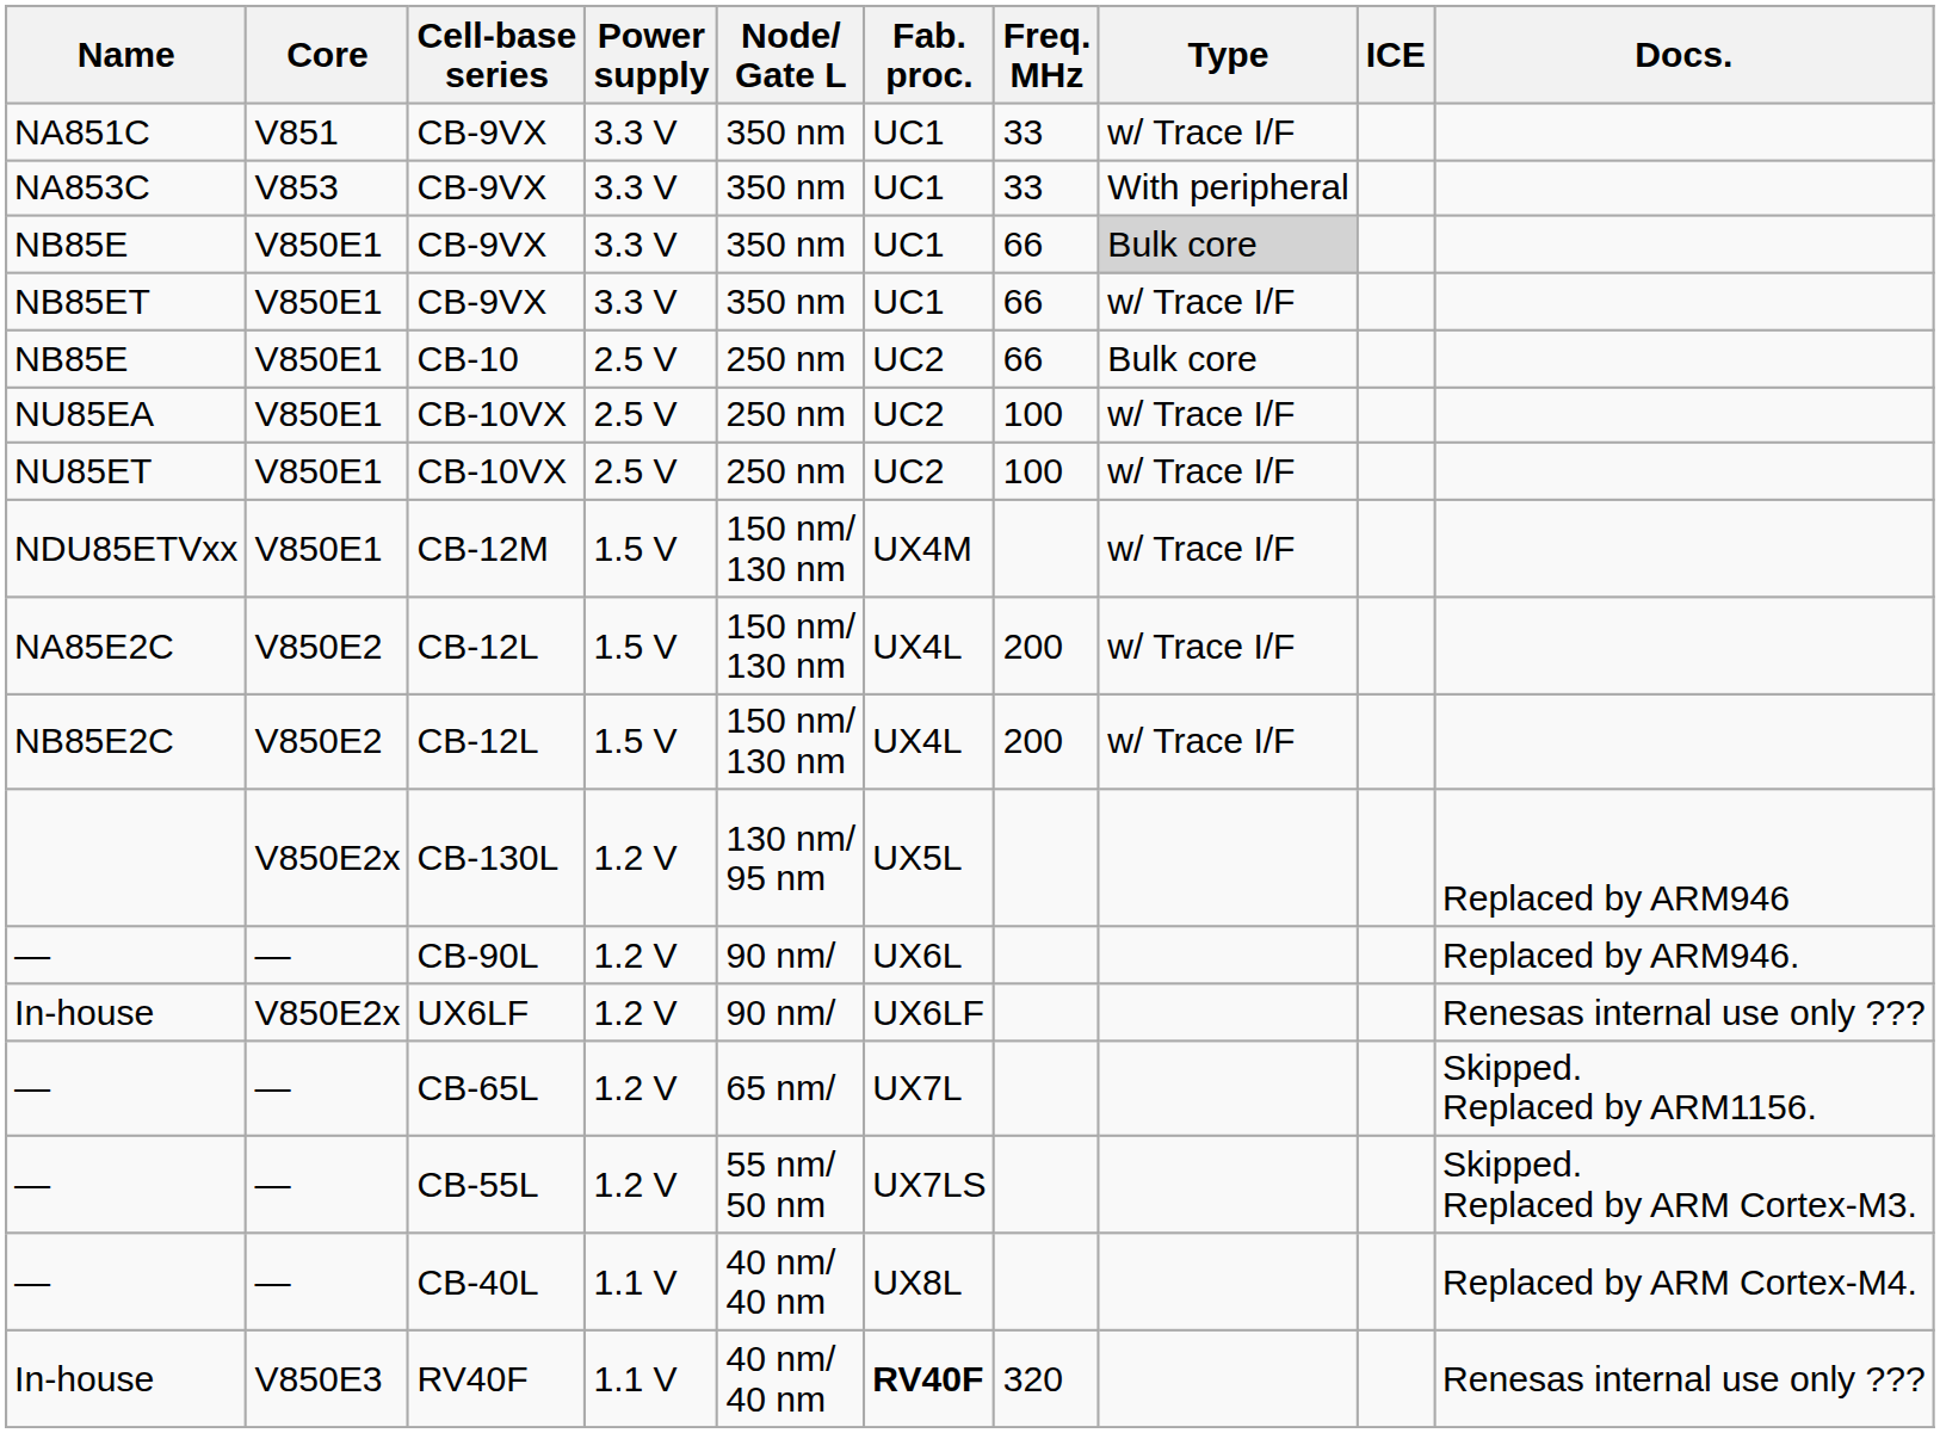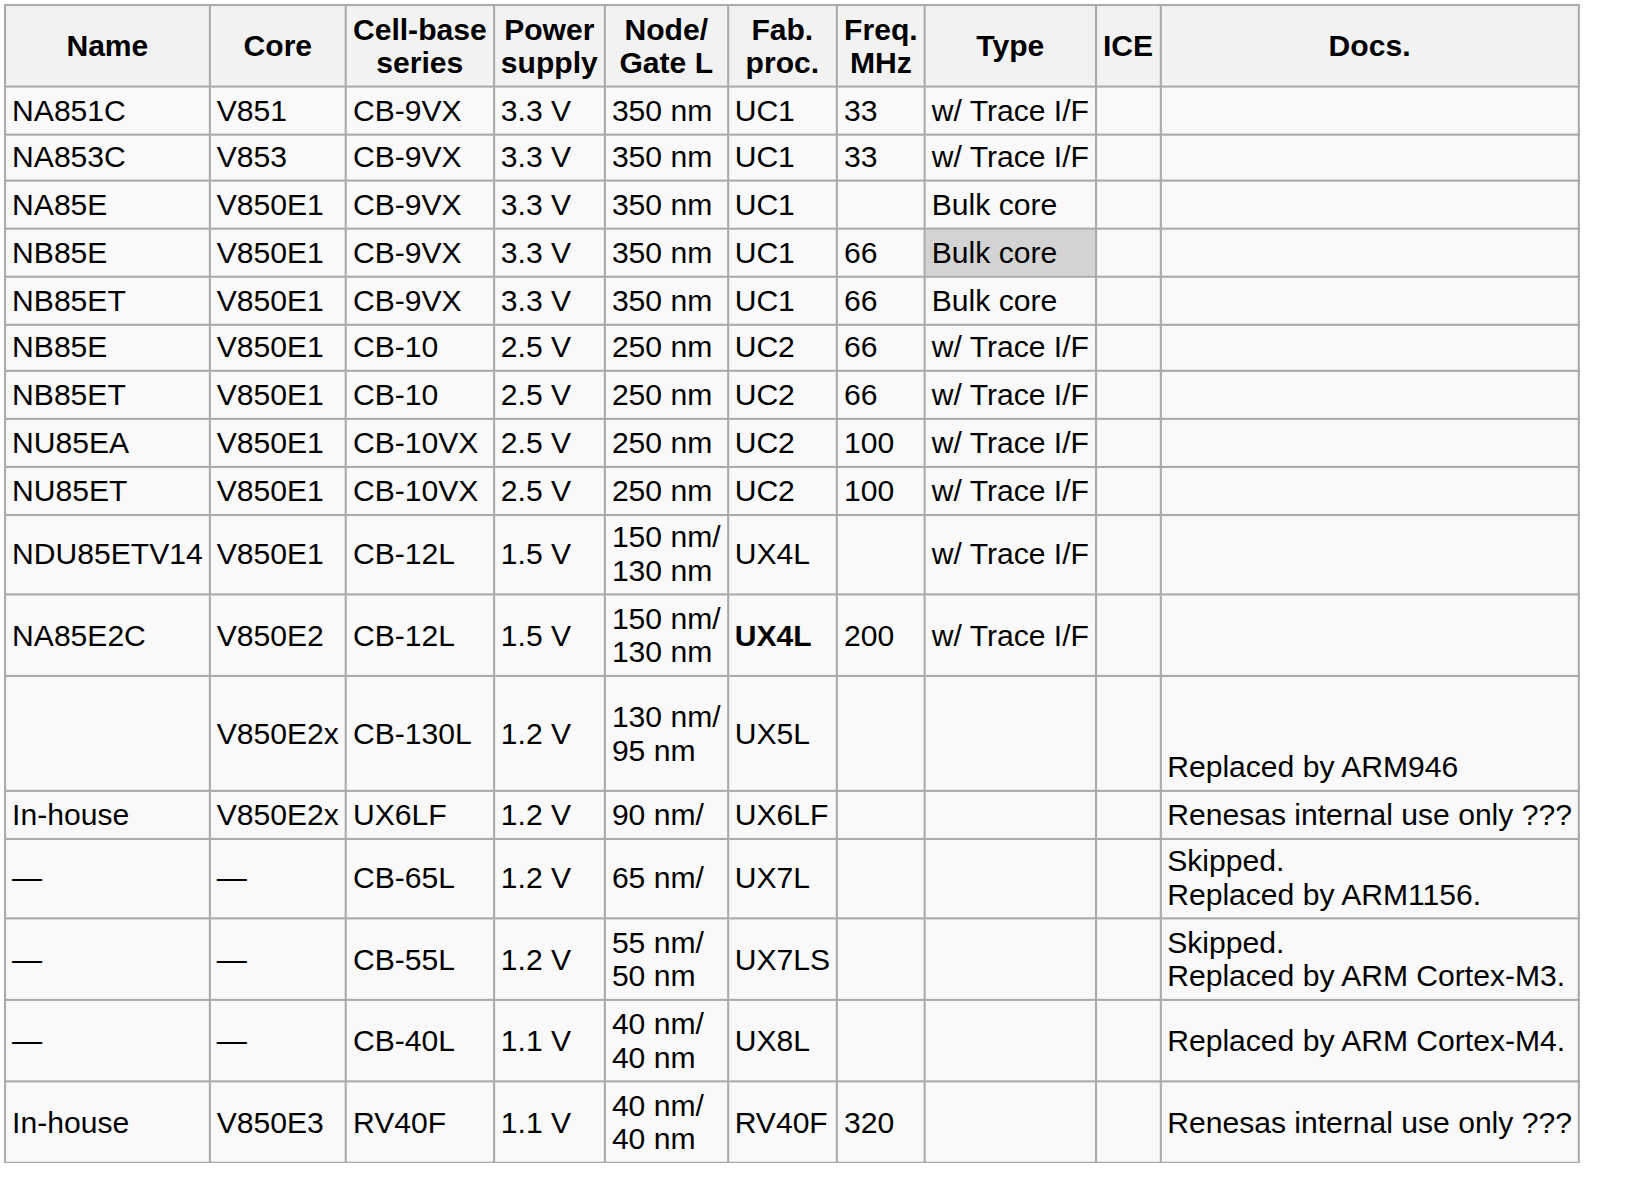 <table class="wikitable" style="text-align: left;font-size: 90%">
 <tr>
 <th>Name</th>
 <th>Core</th>
 <th>Cell-base<br>series</th>
 <th>Power<br>supply</th>
 <th>Node/<br>Gate L</th>
 <th>Fab.<br>proc.<br></th>
 <th>Freq.<br>MHz</th>
 <th>Type</th>
 <th>ICE</th>
 <th>Docs.</th>
 </tr>
 <tr>
 <td>NA851C</td>
 <td>V851</td>
 <td>CB-9VX</td>
 <td>3.3 V</td>
 <td>350 nm</td>
 <td>UC1</td>
 <td>33</td>
 <td>w/ Trace I/F</td>
 <td></td>
 <td></td>
 </tr>
 <tr>
 <td>NA853C</td>
 <td>V853</td>
 <td>CB-9VX</td>
 <td>3.3 V</td>
 <td>350 nm</td>
 <td>UC1</td>
 <td>33</td>
-<td>With peripheral</td>
+<td>w/ Trace I/F</td>
+<td></td>
+<td></td>
+</tr>
+<tr>
+<td>NA85E</td>
+<td>V850E1</td>
+<td>CB-9VX</td>
+<td>3.3 V</td>
+<td>350 nm</td>
+<td>UC1</td>
+<td></td>
+<td>Bulk core</td>
 <td></td>
 <td></td>
 </tr>
 <tr>
 <td>NB85E</td>
 <td>V850E1</td>
 <td>CB-9VX</td>
 <td>3.3 V</td>
 <td>350 nm</td>
 <td>UC1</td>
 <td>66</td>
 <td style="background: lightgrey;">Bulk core</td>
 <td></td>
 <td></td>
 </tr>
 <tr>
 <td>NB85ET</td>
 <td>V850E1</td>
 <td>CB-9VX</td>
 <td>3.3 V</td>
 <td>350 nm</td>
 <td>UC1</td>
 <td>66</td>
-<td>w/ Trace I/F</td>
+<td>Bulk core</td>
 <td></td>
 <td></td>
 </tr>
 <tr>
 <td>NB85E</td>
 <td>V850E1</td>
 <td>CB-10</td>
 <td>2.5 V</td>
 <td>250 nm</td>
 <td>UC2</td>
 <td>66</td>
-<td>Bulk core</td>
+<td>w/ Trace I/F</td>
+<td></td>
+<td></td>
+</tr>
+<tr>
+<td>NB85ET</td>
+<td>V850E1</td>
+<td>CB-10</td>
+<td>2.5 V</td>
+<td>250 nm</td>
+<td>UC2</td>
+<td>66</td>
+<td>w/ Trace I/F</td>
 <td></td>
 <td></td>
 </tr>
 <tr>
 <td>NU85EA</td>
 <td>V850E1</td>
 <td>CB-10VX</td>
 <td>2.5 V</td>
 <td>250 nm</td>
 <td>UC2</td>
 <td>100</td>
 <td>w/ Trace I/F</td>
 <td></td>
 <td></td>
 </tr>
 <tr>
 <td>NU85ET</td>
 <td>V850E1</td>
 <td>CB-10VX</td>
 <td>2.5 V</td>
 <td>250 nm</td>
 <td>UC2</td>
 <td>100</td>
 <td>w/ Trace I/F</td>
 <td></td>
 <td></td>
 </tr>
 <tr>
-<td>NDU85ETVxx</td>
+<td>NDU85ETV14</td>
 <td>V850E1</td>
-<td>CB-12M</td>
+<td>CB-12L</td>
 <td>1.5 V</td>
 <td>150 nm/<br>130 nm</td>
-<td>UX4M</td>
+<td>UX4L</td>
 <td></td>
 <td>w/ Trace I/F</td>
 <td></td>
 <td></td>
 </tr>
 <tr>
 <td>NA85E2C</td>
 <td>V850E2</td>
 <td>CB-12L</td>
 <td>1.5 V</td>
 <td>150 nm/<br>130 nm</td>
-<td>UX4L</td>
-<td>200</td>
-<td>w/ Trace I/F</td>
-<td></td>
-<td></td>
-</tr>
-<tr>
-<td>NB85E2C</td>
-<td>V850E2</td>
-<td>CB-12L</td>
-<td>1.5 V</td>
-<td>150 nm/<br>130 nm</td>
-<td>UX4L</td>
+<td><strong>UX4L</strong></td>
 <td>200</td>
 <td>w/ Trace I/F</td>
 <td></td>
 <td></td>
 </tr>
 <tr>
 <td></td>
 <td>V850E2x</td>
 <td>CB-130L</td>
 <td>1.2 V</td>
 <td>130 nm/<br>95 nm</td>
 <td>UX5L</td>
 <td></td>
 <td></td>
 <td></td>
 <td><br> <br>Replaced by ARM946</td>
-</tr>
-<tr>
-<td>—</td>
-<td>—</td>
-<td>CB-90L</td>
-<td>1.2 V</td>
-<td>90 nm/<br></td>
-<td>UX6L</td>
-<td></td>
-<td></td>
-<td></td>
-<td>Replaced by ARM946.</td>
 </tr>
 <tr>
 <td>In-house</td>
 <td>V850E2x</td>
 <td>UX6LF</td>
 <td>1.2 V</td>
 <td>90 nm/<br></td>
 <td>UX6LF</td>
 <td></td>
 <td></td>
 <td></td>
 <td>Renesas internal use only ???</td>
 </tr>
 <tr>
 <td>—</td>
 <td>—</td>
 <td>CB-65L</td>
 <td>1.2 V</td>
 <td>65 nm/<br></td>
 <td>UX7L</td>
 <td></td>
 <td></td>
 <td></td>
 <td>Skipped.<br>Replaced by ARM1156.</td>
 </tr>
 <tr>
 <td>—</td>
 <td>—</td>
 <td>CB-55L</td>
 <td>1.2 V</td>
 <td>55 nm/<br>50 nm</td>
 <td>UX7LS</td>
 <td></td>
 <td></td>
 <td></td>
 <td>Skipped.<br>Replaced by ARM Cortex-M3.</td>
 </tr>
 <tr>
 <td>—</td>
 <td>—</td>
 <td>CB-40L</td>
 <td>1.1 V</td>
 <td>40 nm/<br>40 nm</td>
 <td>UX8L</td>
 <td></td>
 <td></td>
 <td></td>
 <td>Replaced by ARM Cortex-M4.</td>
 </tr>
 <tr>
 <td>In-house</td>
 <td>V850E3</td>
 <td>RV40F</td>
 <td>1.1 V</td>
 <td>40 nm/<br>40 nm</td>
-<td><strong>RV40F</strong></td>
+<td>RV40F</td>
 <td>320</td>
 <td></td>
 <td></td>
 <td>Renesas internal use only ???</td>
 </tr>
 <tr>
 </tr>
 </table>
